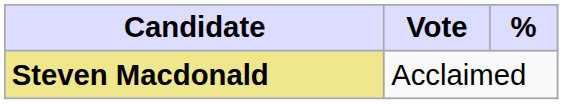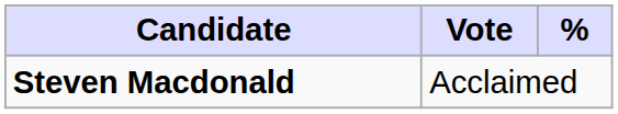 <table class="wikitable">
 <tr>
 <th style="background:#ddf; width:200px;">Candidate</th>
 <th style="background:#ddf; width:50px;">Vote</th>
 <th style="background:#ddf; width:30px;">%</th>
 </tr>
 <tr>
-<td style="background: khaki;"><strong>Steven Macdonald</strong></td>
+<td><strong>Steven Macdonald</strong></td>
 <td colspan="2">Acclaimed</td>
 </tr>
 </table>
